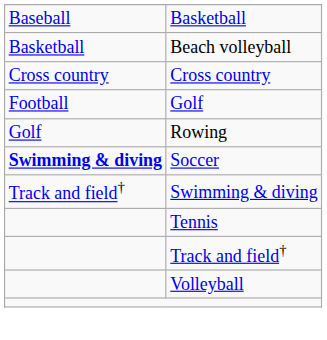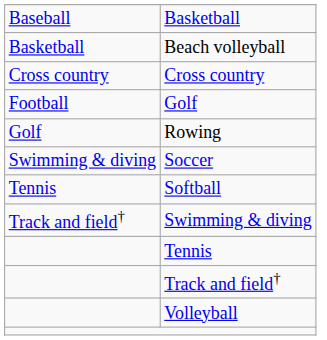 <table class="wikitable" style=" ">
 <tr>
 </tr>
 <tr>
 <td><a href='#'>Baseball</a></td>
 <td><a href='#'>Basketball</a></td>
 </tr>
 <tr>
 <td><a href='#'>Basketball</a></td>
 <td>Beach volleyball</td>
 </tr>
 <tr>
 <td><a href='#'>Cross country</a></td>
 <td><a href='#'>Cross country</a></td>
 </tr>
 <tr>
 <td><a href='#'>Football</a></td>
 <td><a href='#'>Golf</a></td>
 </tr>
 <tr>
 <td><a href='#'>Golf</a></td>
 <td>Rowing</td>
 </tr>
 <tr>
-<td><strong><a href='#'>Swimming & diving</a></strong></td>
+<td><a href='#'>Swimming & diving</a></td>
 <td><a href='#'>Soccer</a></td>
+</tr>
+<tr>
+<td><a href='#'>Tennis</a></td>
+<td><a href='#'>Softball</a></td>
 </tr>
 <tr>
 <td><a href='#'>Track and field</a><sup>†</sup></td>
 <td><a href='#'>Swimming & diving</a></td>
 </tr>
 <tr>
 <td></td>
 <td><a href='#'>Tennis</a></td>
 </tr>
 <tr>
 <td></td>
 <td><a href='#'>Track and field</a><sup>†</sup></td>
 </tr>
 <tr>
 <td></td>
 <td><a href='#'>Volleyball</a></td>
 </tr>
 <tr>
 <td colspan="2"></td>
 </tr>
 </table>
